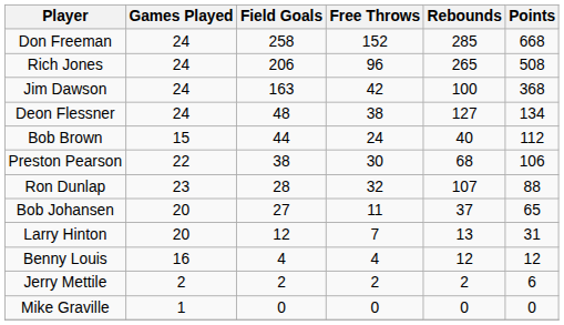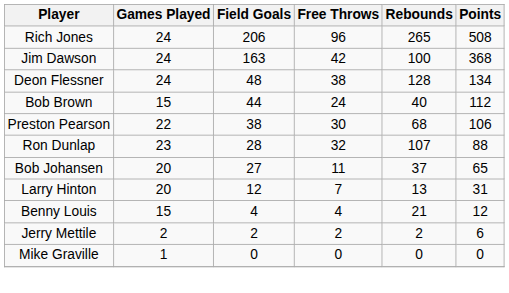 <table class="wikitable sortable">
 <tr>
 <th>Player</th>
 <th>Games Played</th>
 <th>Field Goals</th>
 <th>Free Throws</th>
 <th>Rebounds</th>
 <th>Points</th>
-</tr>
-<tr align="center" bgcolor="">
-<td>Don Freeman</td>
-<td>24</td>
-<td>258</td>
-<td>152</td>
-<td>285</td>
-<td>668</td>
 </tr>
 <tr align="center" bgcolor="">
 <td>Rich Jones</td>
 <td>24</td>
 <td>206</td>
 <td>96</td>
 <td>265</td>
 <td>508</td>
 </tr>
 <tr align="center" bgcolor="">
 <td>Jim Dawson</td>
 <td>24</td>
 <td>163</td>
 <td>42</td>
 <td>100</td>
 <td>368</td>
 </tr>
 <tr align="center" bgcolor="">
 <td>Deon Flessner</td>
 <td>24</td>
 <td>48</td>
 <td>38</td>
-<td>127</td>
+<td>128</td>
 <td>134</td>
 </tr>
 <tr align="center" bgcolor="">
 <td>Bob Brown</td>
 <td>15</td>
 <td>44</td>
 <td>24</td>
 <td>40</td>
 <td>112</td>
 </tr>
 <tr align="center" bgcolor="">
 <td>Preston Pearson</td>
 <td>22</td>
 <td>38</td>
 <td>30</td>
 <td>68</td>
 <td>106</td>
 </tr>
 <tr align="center" bgcolor="">
 <td>Ron Dunlap</td>
 <td>23</td>
 <td>28</td>
 <td>32</td>
 <td>107</td>
 <td>88</td>
 </tr>
 <tr align="center" bgcolor="">
 <td>Bob Johansen</td>
 <td>20</td>
 <td>27</td>
 <td>11</td>
 <td>37</td>
 <td>65</td>
 </tr>
 <tr align="center" bgcolor="">
 <td>Larry Hinton</td>
 <td>20</td>
 <td>12</td>
 <td>7</td>
 <td>13</td>
 <td>31</td>
 </tr>
 <tr align="center" bgcolor="">
 <td>Benny Louis</td>
-<td>16</td>
+<td>15</td>
 <td>4</td>
 <td>4</td>
-<td>12</td>
+<td>21</td>
 <td>12</td>
 </tr>
 <tr align="center" bgcolor="">
 <td>Jerry Mettile</td>
 <td>2</td>
 <td>2</td>
 <td>2</td>
 <td>2</td>
 <td>6</td>
 </tr>
 <tr align="center" bgcolor="">
 <td>Mike Graville</td>
 <td>1</td>
 <td>0</td>
 <td>0</td>
 <td>0</td>
 <td>0</td>
 </tr>
 <tr align="center">
 </tr>
 </table>
